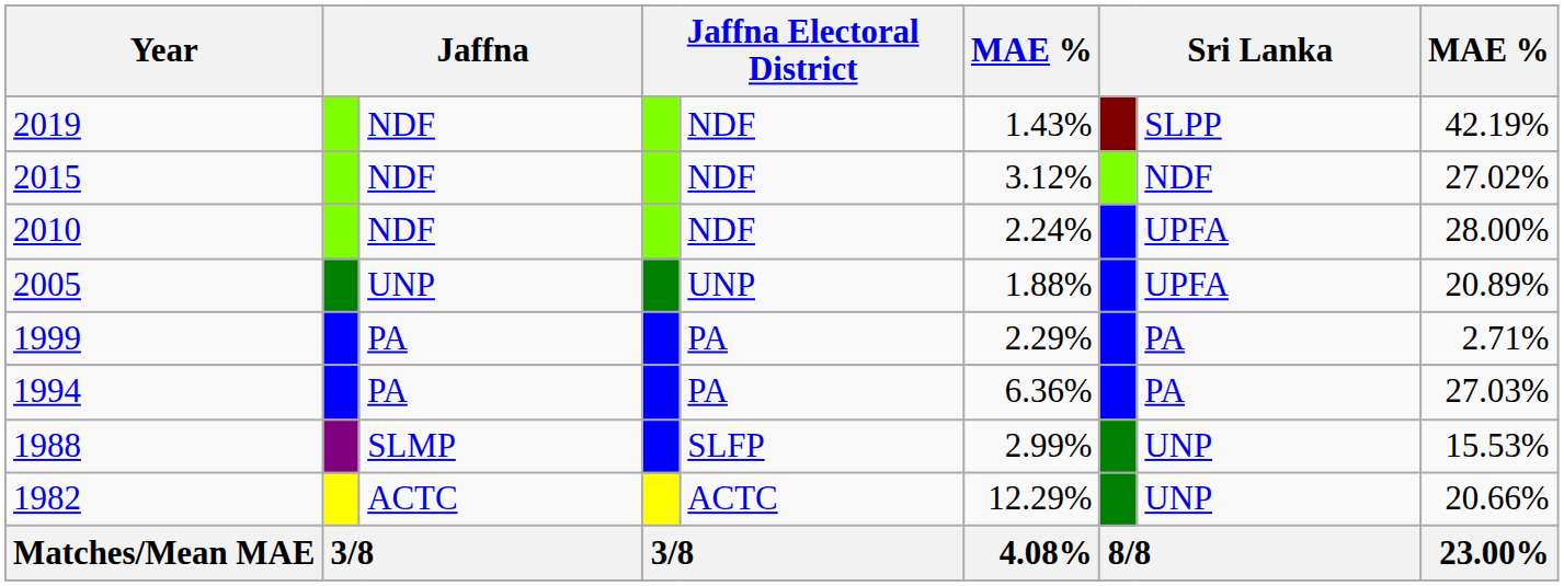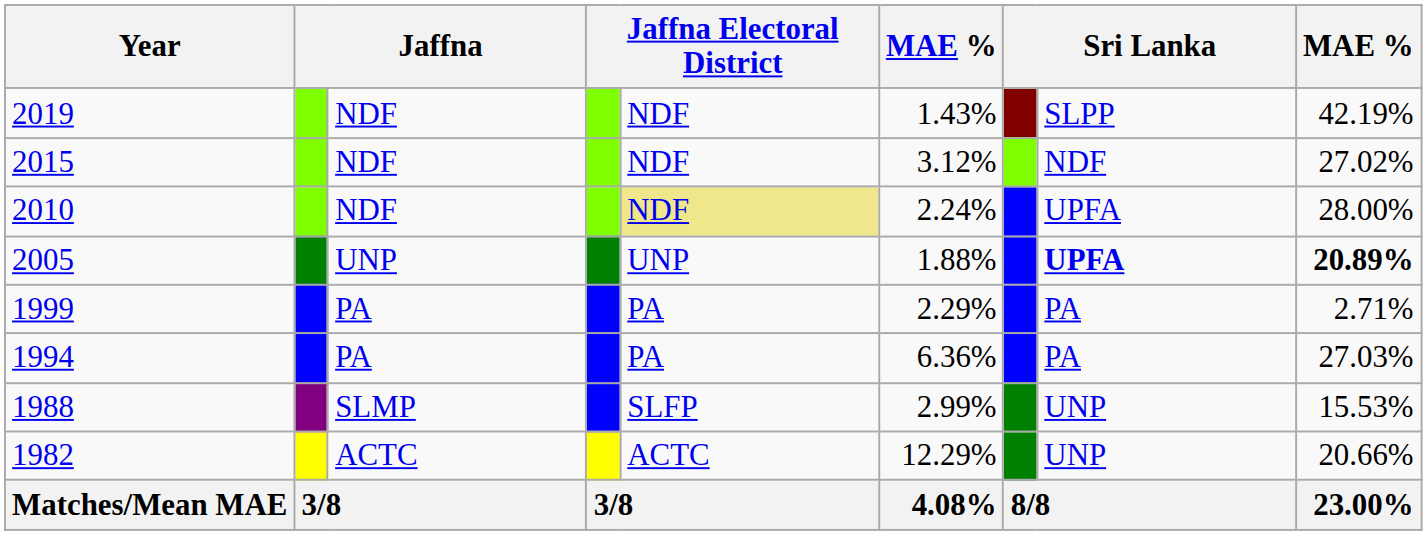 <table class="wikitable">
 <tr>
 <th>Year</th>
 <th colspan="2" width="144px">Jaffna</th>
 <th colspan="2" width="144px"><a href='#'>Jaffna Electoral District</a></th>
 <th><a href='#'>MAE</a> %</th>
 <th colspan="2" width="144px">Sri Lanka</th>
 <th>MAE %</th>
 </tr>
 <tr>
 <td><a href='#'>2019</a></td>
 <td style="background-color:chartreuse;" width="10px"></td>
 <td style="text-align:left;"><a href='#'>NDF</a></td>
 <td style="background-color:chartreuse;" width="10px"></td>
 <td style="text-align:left;"><a href='#'>NDF</a></td>
 <td style="text-align:right;">1.43%</td>
 <td style="background-color:maroon;" width="10px"></td>
 <td style="text-align:left;"><a href='#'>SLPP</a></td>
 <td style="text-align:right;">42.19%</td>
 </tr>
 <tr>
 <td><a href='#'>2015</a></td>
 <td style="background-color:chartreuse;" width="10px"></td>
 <td style="text-align:left;"><a href='#'>NDF</a></td>
 <td style="background-color:chartreuse;" width="10px"></td>
 <td style="text-align:left;"><a href='#'>NDF</a></td>
 <td style="text-align:right;">3.12%</td>
 <td style="background-color:chartreuse;" width="10px"></td>
 <td style="text-align:left;"><a href='#'>NDF</a></td>
 <td style="text-align:right;">27.02%</td>
 </tr>
 <tr>
 <td><a href='#'>2010</a></td>
 <td style="background-color:chartreuse;" width="10px"></td>
 <td style="text-align:left;"><a href='#'>NDF</a></td>
 <td style="background-color:chartreuse;" width="10px"></td>
-<td style="text-align:left;"><a href='#'>NDF</a></td>
+<td style="background: khaki; text-align:left;"><a href='#'>NDF</a></td>
 <td style="text-align:right;">2.24%</td>
 <td style="background-color:blue;" width="10px"></td>
 <td style="text-align:left;"><a href='#'>UPFA</a></td>
 <td style="text-align:right;">28.00%</td>
 </tr>
 <tr>
 <td><a href='#'>2005</a></td>
 <td style="background-color:green;" width="10px"></td>
 <td style="text-align:left;"><a href='#'>UNP</a></td>
 <td style="background-color:green;" width="10px"></td>
 <td style="text-align:left;"><a href='#'>UNP</a></td>
 <td style="text-align:right;">1.88%</td>
 <td style="background-color:blue;" width="10px"></td>
-<td style="text-align:left;"><a href='#'>UPFA</a></td>
-<td style="text-align:right;">20.89%</td>
+<td style="text-align:left;"><strong><a href='#'>UPFA</a></strong></td>
+<td style="text-align:right;"><strong>20.89%</strong></td>
 </tr>
 <tr>
 <td><a href='#'>1999</a></td>
 <td style="background-color:blue;" width="10px"></td>
 <td style="text-align:left;"><a href='#'>PA</a></td>
 <td style="background-color:blue;" width="10px"></td>
 <td style="text-align:left;"><a href='#'>PA</a></td>
 <td style="text-align:right;">2.29%</td>
 <td style="background-color:blue;" width="10px"></td>
 <td style="text-align:left;"><a href='#'>PA</a></td>
 <td style="text-align:right;">2.71%</td>
 </tr>
 <tr>
 <td><a href='#'>1994</a></td>
 <td style="background-color:blue;" width="10px"></td>
 <td style="text-align:left;"><a href='#'>PA</a></td>
 <td style="background-color:blue;" width="10px"></td>
 <td style="text-align:left;"><a href='#'>PA</a></td>
 <td style="text-align:right;">6.36%</td>
 <td style="background-color:blue;" width="10px"></td>
 <td style="text-align:left;"><a href='#'>PA</a></td>
 <td style="text-align:right;">27.03%</td>
 </tr>
 <tr>
 <td><a href='#'>1988</a></td>
 <td style="background-color:purple;" width="10px"></td>
 <td style="text-align:left;"><a href='#'>SLMP</a></td>
 <td style="background-color:blue;" width="10px"></td>
 <td style="text-align:left;"><a href='#'>SLFP</a></td>
 <td style="text-align:right;">2.99%</td>
 <td style="background-color:green;" width="10px"></td>
 <td style="text-align:left;"><a href='#'>UNP</a></td>
 <td style="text-align:right;">15.53%</td>
 </tr>
 <tr>
 <td><a href='#'>1982</a></td>
 <td style="background-color:yellow;" width="10px"></td>
 <td style="text-align:left;"><a href='#'>ACTC</a></td>
 <td style="background-color:yellow;" width="10px"></td>
 <td style="text-align:left;"><a href='#'>ACTC</a></td>
 <td style="text-align:right;">12.29%</td>
 <td style="background-color:green;" width="10px"></td>
 <td style="text-align:left;"><a href='#'>UNP</a></td>
 <td style="text-align:right;">20.66%</td>
 </tr>
 <tr>
 <th>Matches/Mean MAE</th>
 <th style="text-align:left;"colspan="2" width="144px">3/8</th>
 <th style="text-align:left;"colspan="2" width="144px">3/8</th>
 <th style="text-align:right;">4.08%</th>
 <th style="text-align:left;"colspan="2" width="144px">8/8</th>
 <th style="text-align:right;">23.00%</th>
 </tr>
 </table>
